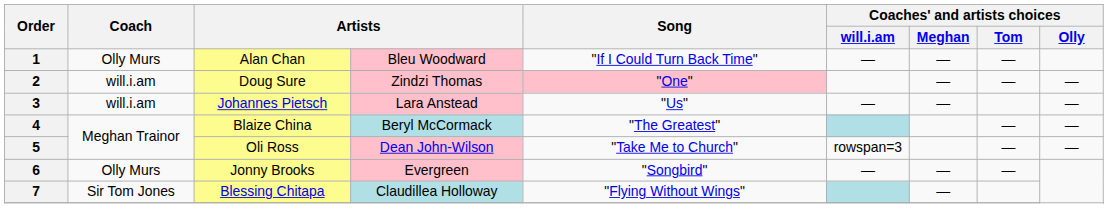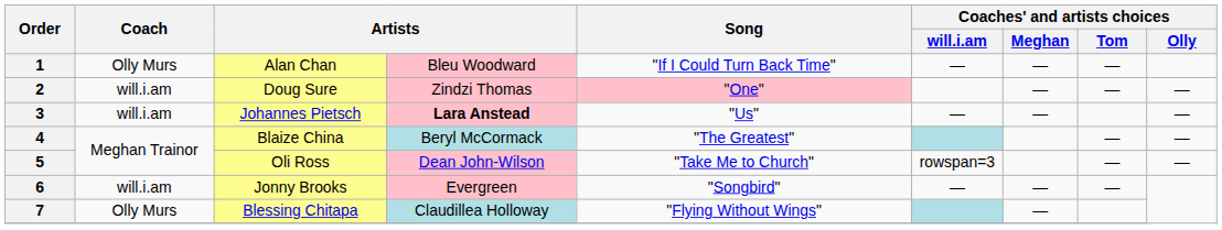 <table class="wikitable" style="text-align:center; width:100%;">
 <tr>
 <th scope="col" style="width:05%;" rowspan="2">Order</th>
 <th scope="col" style="width:10%;" rowspan="2">Coach</th>
 <th scope="col" style="width:26%;" colspan="2" rowspan="2">Artists</th>
 <th scope="col" style="width:24%;" rowspan="2">Song</th>
 <th scope="col" style="width:20%;" colspan="4">Coaches' and artists choices</th>
 </tr>
 <tr>
 <th style="width:05%;"><a href='#'>will.i.am</a></th>
 <th style="width:05%;"><a href='#'>Meghan</a></th>
 <th style="width:05%;"><a href='#'>Tom</a></th>
 <th style="width:05%;"><a href='#'>Olly</a></th>
 </tr>
 <tr>
 <th scope="col">1</th>
 <td>Olly Murs</td>
 <td style="background:#fdfc8f;text-align:center;">Alan Chan</td>
 <td style="background:pink;text-align:center;">Bleu Woodward</td>
 <td>"<a href='#'>If I Could Turn Back Time</a>"</td>
 <td>—</td>
 <td>—</td>
 <td>—</td>
 <td></td>
 </tr>
 <tr>
 <th scope="col">2</th>
 <td>will.i.am</td>
 <td style="background:#fdfc8f;text-align:center;">Doug Sure</td>
 <td style="background:pink;text-align:center;">Zindzi Thomas</td>
 <td style="background: pink;">"<a href='#'>One</a>"</td>
 <td></td>
 <td>—</td>
 <td>—</td>
 <td>—</td>
 </tr>
 <tr>
 <th scope="col">3</th>
 <td>will.i.am</td>
 <td style="background:#fdfc8f;text-align:center;"><a href='#'>Johannes Pietsch</a></td>
-<td style="background:pink;text-align:center;">Lara Anstead</td>
+<td style="background:pink;text-align:center;"><strong>Lara Anstead</strong></td>
 <td>"<a href='#'>Us</a>"</td>
 <td>—</td>
 <td>—</td>
 <td></td>
 <td>—</td>
 </tr>
 <tr>
 <th scope="col">4</th>
 <td rowspan="2">Meghan Trainor</td>
 <td style="background:#fdfc8f;text-align:center;">Blaize China</td>
 <td style="background:#b0e0e6;text-align:center;">Beryl McCormack</td>
 <td>"<a href='#'>The Greatest</a>"</td>
 <td style="background:#b0e0e6;"><strong></strong></td>
 <td></td>
 <td>—</td>
 <td>—</td>
 </tr>
 <tr>
 <th scope="col">5</th>
 <td style="background:#fdfc8f;text-align:center;">Oli Ross</td>
 <td style="background:pink;text-align:center;"><a href='#'>Dean John-Wilson</a></td>
 <td>"<a href='#'>Take Me to Church</a>"</td>
 <td>rowspan=3 </td>
 <td></td>
 <td>—</td>
 <td>—</td>
 </tr>
 <tr>
 <th scope="col">6</th>
-<td>Olly Murs</td>
+<td>will.i.am</td>
 <td style="background:#fdfc8f;text-align:center;">Jonny Brooks</td>
 <td style="background:pink;text-align:center;">Evergreen</td>
 <td>"<a href='#'>Songbird</a>"</td>
 <td>—</td>
 <td>—</td>
 <td>—</td>
 </tr>
 <tr>
 <th scope="col">7</th>
-<td>Sir Tom Jones</td>
+<td>Olly Murs</td>
 <td style="background:#fdfc8f;text-align:center;"><a href='#'>Blessing Chitapa</a></td>
 <td style="background:#b0e0e6;text-align:center;">Claudillea Holloway</td>
 <td>"<a href='#'>Flying Without Wings</a>"</td>
 <td style="background:#b0e0e6;"><strong></strong></td>
 <td>—</td>
 <td></td>
 </tr>
 <tr>
 </tr>
 </table>
